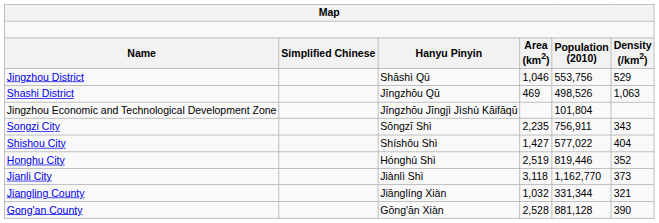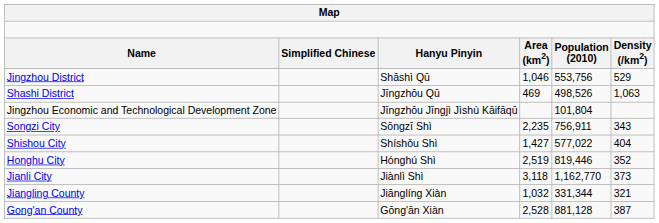 <table class="wikitable" style="font-size:90%;">
 <tr>
 <th colspan="6">Map</th>
 </tr>
 <tr>
 <td colspan="6"><div><br>            </div></td>
 </tr>
 <tr>
 <th>Name</th>
 <th>Simplified Chinese</th>
 <th>Hanyu Pinyin</th>
 <th>Area<br>(km<sup>2</sup>)</th>
 <th>Population<br>(2010)</th>
 <th>Density<br>(/km<sup>2</sup>)</th>
 </tr>
 <tr>
 <td><a href='#'>Jingzhou District</a></td>
 <td></td>
 <td>Shāshì Qū</td>
 <td>1,046</td>
 <td>553,756</td>
 <td>529</td>
 </tr>
 <tr>
 <td><a href='#'>Shashi District</a></td>
 <td></td>
 <td>Jīngzhōu Qū</td>
 <td>469</td>
 <td>498,526</td>
 <td>1,063</td>
 </tr>
 <tr>
 <td>Jingzhou Economic and Technological Development Zone</td>
 <td></td>
 <td>Jīngzhōu Jīngjì Jìshù Kāifāqū</td>
 <td></td>
 <td>101,804</td>
 <td></td>
 </tr>
 <tr>
 <td><a href='#'>Songzi City</a></td>
 <td></td>
 <td>Sōngzī Shì</td>
 <td>2,235</td>
 <td>756,911</td>
 <td>343</td>
 </tr>
 <tr>
 <td><a href='#'>Shishou City</a></td>
 <td></td>
 <td>Shíshǒu Shì</td>
 <td>1,427</td>
 <td>577,022</td>
 <td>404</td>
 </tr>
 <tr>
 <td><a href='#'>Honghu City</a></td>
 <td></td>
 <td>Hónghú Shì</td>
 <td>2,519</td>
 <td>819,446</td>
 <td>352</td>
 </tr>
 <tr>
 <td><a href='#'>Jianli City</a></td>
 <td></td>
 <td>Jiànlì Shì</td>
 <td>3,118</td>
 <td>1,162,770</td>
 <td>373</td>
 </tr>
 <tr>
 <td><a href='#'>Jiangling County</a></td>
 <td></td>
 <td>Jiānglíng Xiàn</td>
 <td>1,032</td>
 <td>331,344</td>
 <td>321</td>
 </tr>
 <tr>
 <td><a href='#'>Gong'an County</a></td>
 <td></td>
 <td>Gōng'ān Xiàn</td>
 <td>2,528</td>
 <td>881,128</td>
-<td>390</td>
+<td>387</td>
 </tr>
 </table>
